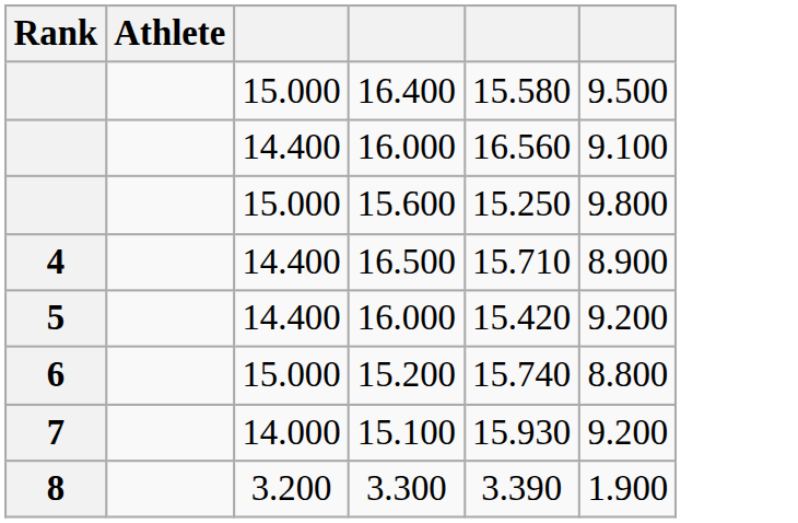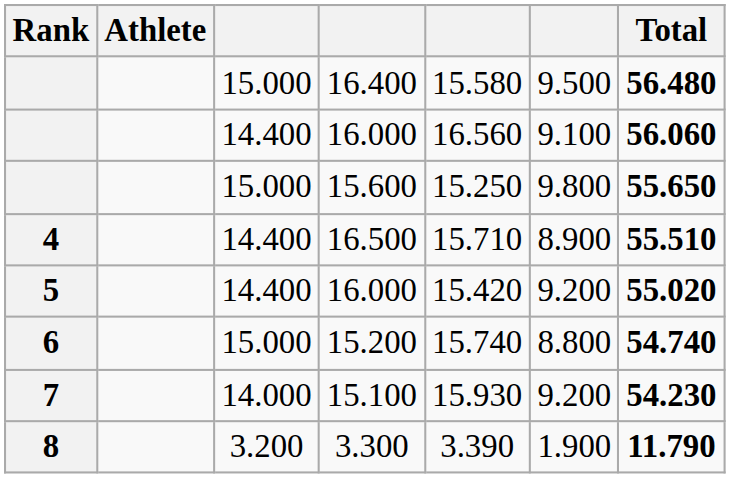 <table class="wikitable sortable" style="text-align:center;">
 <tr>
 <th>Rank</th>
 <th>Athlete</th>
 <th></th>
 <th></th>
 <th></th>
 <th></th>
+<th>Total<br></th>
 </tr>
 <tr>
 <th></th>
 <td align=left></td>
 <td>15.000</td>
 <td>16.400</td>
 <td>15.580</td>
 <td>9.500</td>
+<td><strong>56.480</strong></td>
 </tr>
 <tr>
 <th></th>
 <td align=left></td>
 <td>14.400</td>
 <td>16.000</td>
 <td>16.560</td>
 <td>9.100</td>
+<td><strong>56.060</strong></td>
 </tr>
 <tr>
 <th></th>
 <td align=left></td>
 <td>15.000</td>
 <td>15.600</td>
 <td>15.250</td>
 <td>9.800</td>
+<td><strong>55.650</strong></td>
 </tr>
 <tr>
 <th>4</th>
 <td align=left></td>
 <td>14.400</td>
 <td>16.500</td>
 <td>15.710</td>
 <td>8.900</td>
+<td><strong>55.510</strong></td>
 </tr>
 <tr>
 <th>5</th>
 <td align=left></td>
 <td>14.400</td>
 <td>16.000</td>
 <td>15.420</td>
 <td>9.200</td>
+<td><strong>55.020</strong></td>
 </tr>
 <tr>
 <th>6</th>
 <td align=left></td>
 <td>15.000</td>
 <td>15.200</td>
 <td>15.740</td>
 <td>8.800</td>
+<td><strong>54.740</strong></td>
 </tr>
 <tr>
 <th>7</th>
 <td align=left></td>
 <td>14.000</td>
 <td>15.100</td>
 <td>15.930</td>
 <td>9.200</td>
+<td><strong>54.230</strong></td>
 </tr>
 <tr>
 <th>8</th>
 <td align=left></td>
 <td>3.200</td>
 <td>3.300</td>
 <td>3.390</td>
 <td>1.900</td>
+<td><strong>11.790</strong></td>
 </tr>
 </table>
